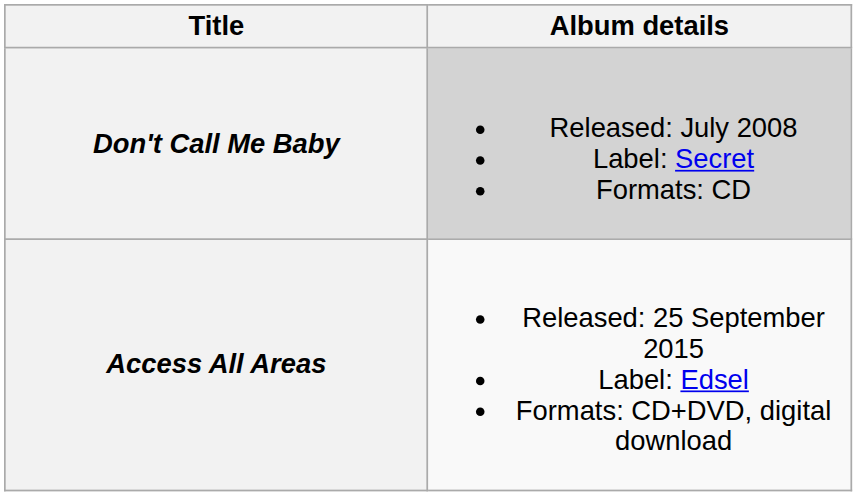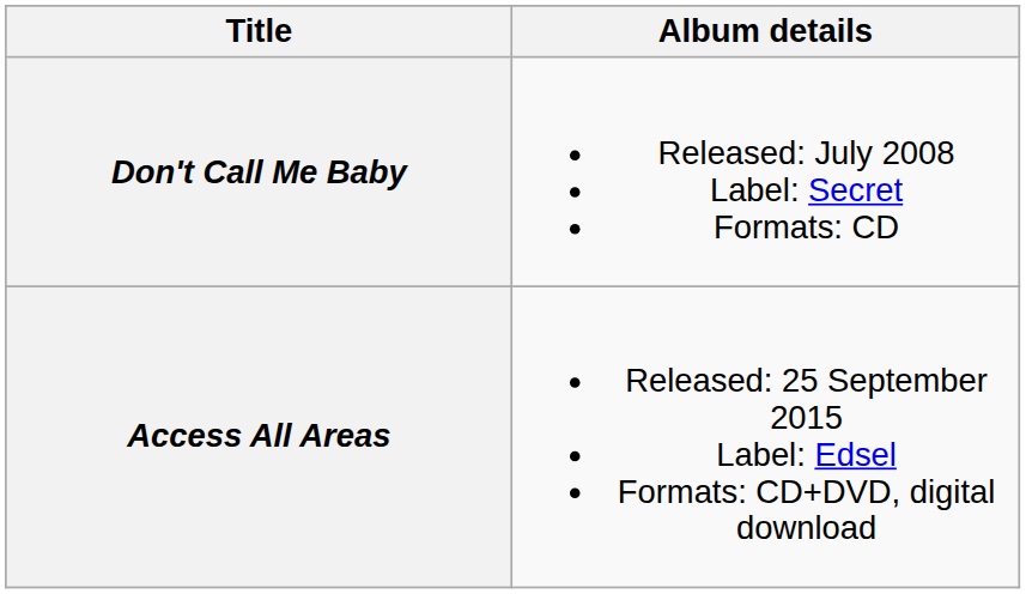 <table class="wikitable plainrowheaders" style="text-align:center;">
 <tr>
 <th scope="col" style="width:15em;">Title</th>
 <th scope="col" style="width:15em;">Album details</th>
 </tr>
 <tr>
 <th scope="row"><em>Don't Call Me Baby</em></th>
-<td style="background: lightgrey;"><br><ul><li>Released: July 2008</li><li>Label: <a href='#'>Secret</a></li><li>Formats: CD</li></ul></td>
+<td><br><ul><li>Released: July 2008</li><li>Label: <a href='#'>Secret</a></li><li>Formats: CD</li></ul></td>
 </tr>
 <tr>
 <th scope="row"><em>Access All Areas</em></th>
 <td><br><ul><li>Released: 25 September 2015</li><li>Label: <a href='#'>Edsel</a></li><li>Formats: CD+DVD, digital download</li></ul></td>
 </tr>
 </table>
